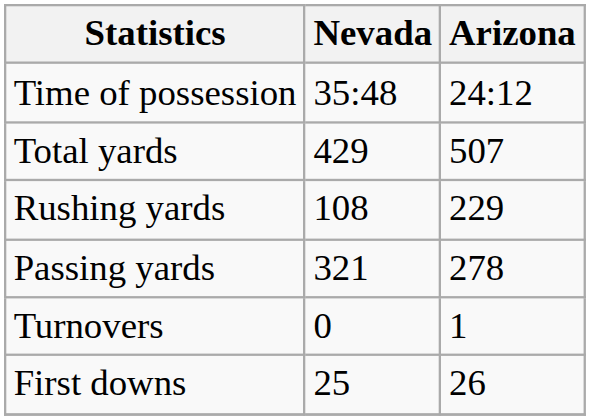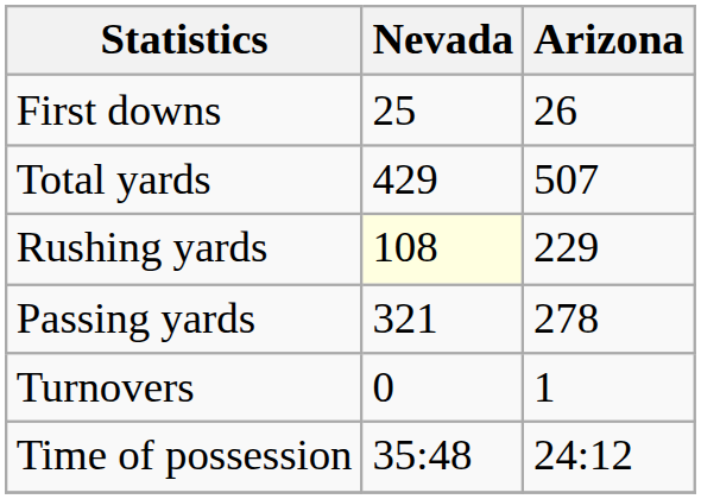 <table class="wikitable">
 <tr>
 <th>Statistics</th>
 <th>Nevada</th>
 <th>Arizona</th>
 </tr>
 <tr>
-<td>Time of possession</td>
-<td>35:48</td>
-<td>24:12</td>
+<td>First downs</td>
+<td>25</td>
+<td>26</td>
 </tr>
 <tr>
 <td>Total yards</td>
 <td>429</td>
 <td>507</td>
 </tr>
 <tr>
 <td>Rushing yards</td>
-<td>108</td>
+<td style="background: lightyellow;">108</td>
 <td>229</td>
 </tr>
 <tr>
 <td>Passing yards</td>
 <td>321</td>
 <td>278</td>
 </tr>
 <tr>
 <td>Turnovers</td>
 <td>0</td>
 <td>1</td>
 </tr>
 <tr>
-<td>First downs</td>
-<td>25</td>
-<td>26</td>
+<td>Time of possession</td>
+<td>35:48</td>
+<td>24:12</td>
 </tr>
 <tr>
 </tr>
 </table>
